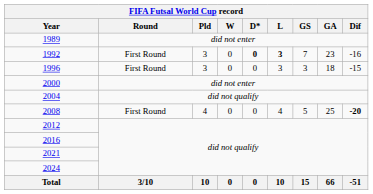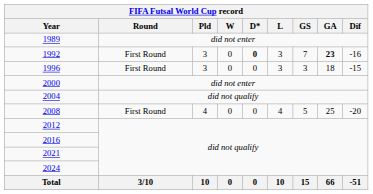 <table class="wikitable" style="text-align: center;font-size:90%;">
 <tr>
 <th colspan=9><a href='#'>FIFA Futsal World Cup</a> record</th>
 </tr>
 <tr>
 <th width=150>Year</th>
 <th width=150>Round</th>
 <th width=35>Pld</th>
 <th width=35>W</th>
 <th width=35>D*</th>
 <th width=35>L</th>
 <th width=35>GS</th>
 <th width=35>GA</th>
 <th width=35>Dif</th>
 </tr>
 <tr>
 <td> <a href='#'>1989</a></td>
 <td colspan=9><em>did not enter</em></td>
 </tr>
 <tr bgcolor=>
 <td> <a href='#'>1992</a></td>
 <td>First Round</td>
 <td>3</td>
 <td>0</td>
 <td><strong>0</strong></td>
-<td><strong>3</strong></td>
+<td>3</td>
 <td>7</td>
-<td>23</td>
+<td><strong>23</strong></td>
 <td>-16</td>
 </tr>
 <tr - bgcolor=>
 <td> <a href='#'>1996</a></td>
 <td>First Round</td>
 <td>3</td>
 <td>0</td>
 <td>0</td>
 <td>3</td>
 <td>3</td>
 <td>18</td>
 <td>-15</td>
 </tr>
 <tr - bgcolor=>
 <td> <a href='#'>2000</a></td>
 <td colspan=9><em>did not enter</em></td>
 </tr>
 <tr - bgcolor=>
 <td> <a href='#'>2004</a></td>
 <td colspan=9><em>did not qualify</em></td>
 </tr>
 <tr - bgcolor=>
 <td> <a href='#'>2008</a></td>
 <td>First Round</td>
 <td>4</td>
 <td>0</td>
 <td>0</td>
 <td>4</td>
 <td>5</td>
 <td>25</td>
-<td><strong>-20</strong></td>
+<td>-20</td>
 </tr>
 <tr - bgcolor=>
 <td> <a href='#'>2012</a></td>
 <td colspan=9 rowspan=4><em>did not qualify</em></td>
 </tr>
 <tr ->
 <td> <a href='#'>2016</a></td>
 </tr>
 <tr ->
 <td> <a href='#'>2021</a></td>
 </tr>
 <tr ->
 <td> <a href='#'>2024</a></td>
 </tr>
 <tr>
 <th><strong>Total</strong></th>
 <th>3/10</th>
 <th>10</th>
 <th>0</th>
 <th>0</th>
 <th>10</th>
 <th>15</th>
 <th>66</th>
 <th>-51</th>
 </tr>
 </table>
